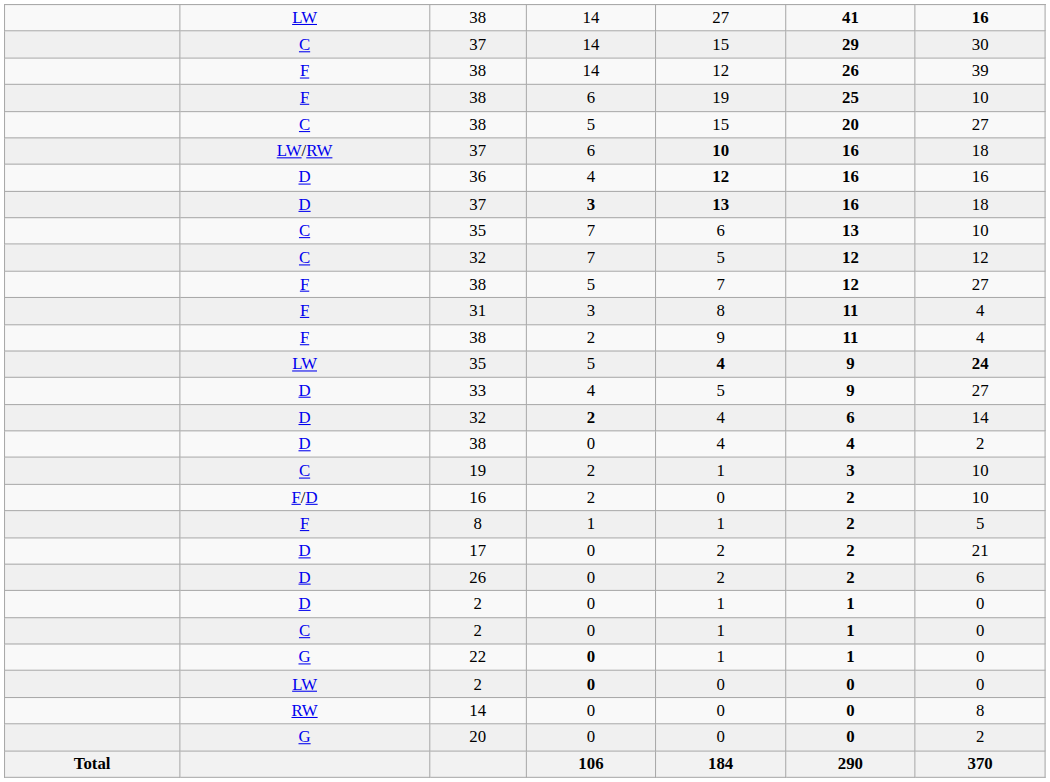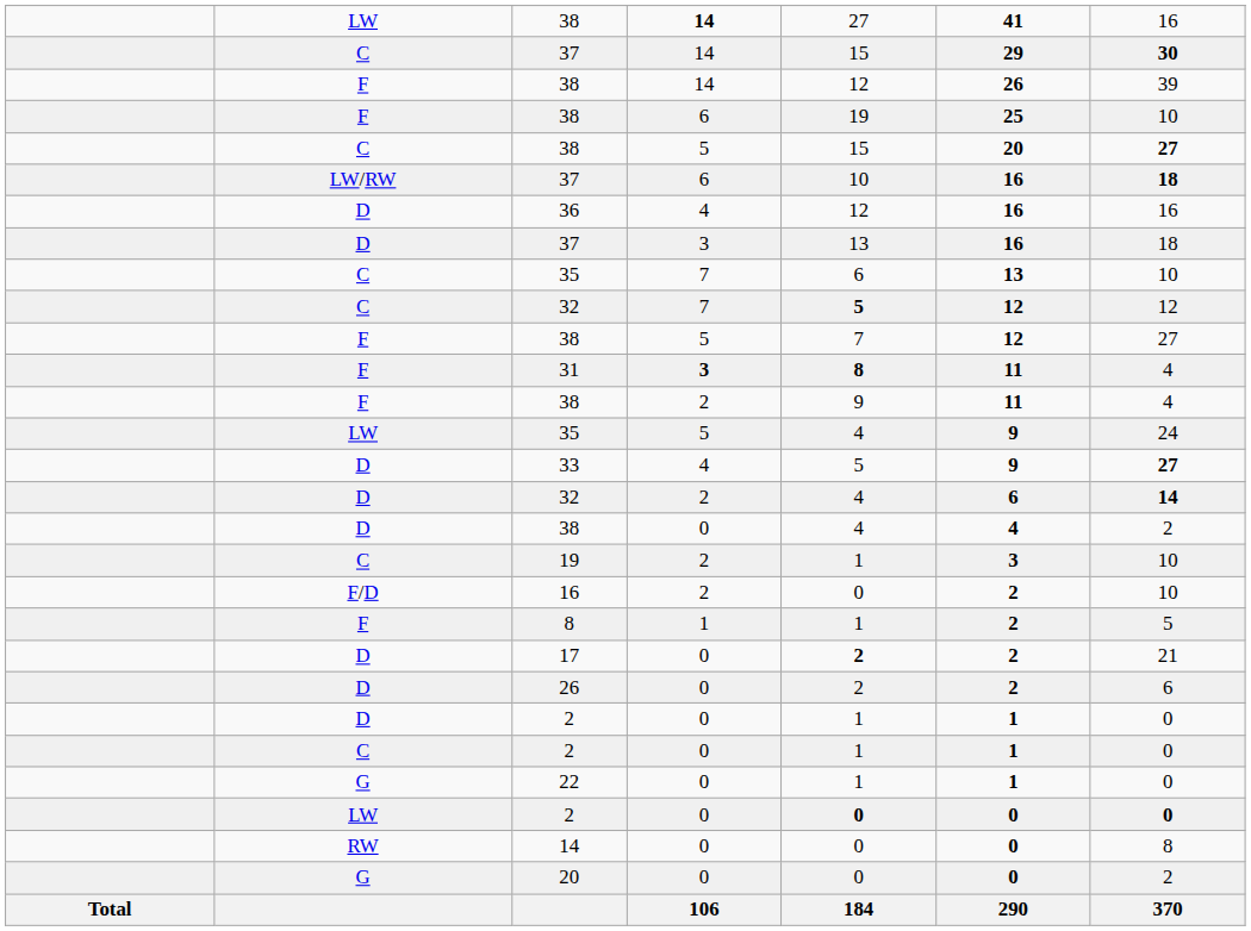 <table class="wikitable sortable" width ="50%">
 <tr align="center">
 </tr>
 <tr align="center" bgcolor="">
 <td></td>
 <td><a href='#'>LW</a></td>
 <td>38</td>
-<td>14</td>
+<td><strong>14</strong></td>
 <td>27</td>
 <td><strong>41</strong></td>
-<td><strong>16</strong></td>
+<td>16</td>
 </tr>
 <tr align="center" bgcolor="f0f0f0">
 <td></td>
 <td><a href='#'>C</a></td>
 <td>37</td>
 <td>14</td>
 <td>15</td>
 <td><strong>29</strong></td>
-<td>30</td>
+<td><strong>30</strong></td>
 </tr>
 <tr align="center" bgcolor="">
 <td></td>
 <td><a href='#'>F</a></td>
 <td>38</td>
 <td>14</td>
 <td>12</td>
 <td><strong>26</strong></td>
 <td>39</td>
 </tr>
 <tr align="center" bgcolor="f0f0f0">
 <td></td>
 <td><a href='#'>F</a></td>
 <td>38</td>
 <td>6</td>
 <td>19</td>
 <td><strong>25</strong></td>
 <td>10</td>
 </tr>
 <tr align="center" bgcolor="">
 <td></td>
 <td><a href='#'>C</a></td>
 <td>38</td>
 <td>5</td>
 <td>15</td>
 <td><strong>20</strong></td>
-<td>27</td>
+<td><strong>27</strong></td>
 </tr>
 <tr align="center" bgcolor="f0f0f0">
 <td></td>
 <td><a href='#'>LW</a>/<a href='#'>RW</a></td>
 <td>37</td>
 <td>6</td>
-<td><strong>10</strong></td>
+<td>10</td>
 <td><strong>16</strong></td>
-<td>18</td>
+<td><strong>18</strong></td>
 </tr>
 <tr align="center" bgcolor="">
 <td></td>
 <td><a href='#'>D</a></td>
 <td>36</td>
 <td>4</td>
-<td><strong>12</strong></td>
+<td>12</td>
 <td><strong>16</strong></td>
 <td>16</td>
 </tr>
 <tr align="center" bgcolor="f0f0f0">
 <td></td>
 <td><a href='#'>D</a></td>
 <td>37</td>
-<td><strong>3</strong></td>
-<td><strong>13</strong></td>
+<td>3</td>
+<td>13</td>
 <td><strong>16</strong></td>
 <td>18</td>
 </tr>
 <tr align="center" bgcolor="">
 <td></td>
 <td><a href='#'>C</a></td>
 <td>35</td>
 <td>7</td>
 <td>6</td>
 <td><strong>13</strong></td>
 <td>10</td>
 </tr>
 <tr align="center" bgcolor="f0f0f0">
 <td></td>
 <td><a href='#'>C</a></td>
 <td>32</td>
 <td>7</td>
-<td>5</td>
+<td><strong>5</strong></td>
 <td><strong>12</strong></td>
 <td>12</td>
 </tr>
 <tr align="center" bgcolor="">
 <td></td>
 <td><a href='#'>F</a></td>
 <td>38</td>
 <td>5</td>
 <td>7</td>
 <td><strong>12</strong></td>
 <td>27</td>
 </tr>
 <tr align="center" bgcolor="f0f0f0">
 <td></td>
 <td><a href='#'>F</a></td>
 <td>31</td>
-<td>3</td>
-<td>8</td>
+<td><strong>3</strong></td>
+<td><strong>8</strong></td>
 <td><strong>11</strong></td>
 <td>4</td>
 </tr>
 <tr align="center" bgcolor="">
 <td></td>
 <td><a href='#'>F</a></td>
 <td>38</td>
 <td>2</td>
 <td>9</td>
 <td><strong>11</strong></td>
 <td>4</td>
 </tr>
 <tr align="center" bgcolor="f0f0f0">
 <td></td>
 <td><a href='#'>LW</a></td>
 <td>35</td>
 <td>5</td>
-<td><strong>4</strong></td>
+<td>4</td>
 <td><strong>9</strong></td>
-<td><strong>24</strong></td>
+<td>24</td>
 </tr>
 <tr align="center" bgcolor="">
 <td></td>
 <td><a href='#'>D</a></td>
 <td>33</td>
 <td>4</td>
 <td>5</td>
 <td><strong>9</strong></td>
-<td>27</td>
+<td><strong>27</strong></td>
 </tr>
 <tr align="center" bgcolor="f0f0f0">
 <td></td>
 <td><a href='#'>D</a></td>
 <td>32</td>
-<td><strong>2</strong></td>
+<td>2</td>
 <td>4</td>
 <td><strong>6</strong></td>
-<td>14</td>
+<td><strong>14</strong></td>
 </tr>
 <tr align="center" bgcolor="">
 <td></td>
 <td><a href='#'>D</a></td>
 <td>38</td>
 <td>0</td>
 <td>4</td>
 <td><strong>4</strong></td>
 <td>2</td>
 </tr>
 <tr align="center" bgcolor="f0f0f0">
 <td></td>
 <td><a href='#'>C</a></td>
 <td>19</td>
 <td>2</td>
 <td>1</td>
 <td><strong>3</strong></td>
 <td>10</td>
 </tr>
 <tr align="center" bgcolor="">
 <td></td>
 <td><a href='#'>F</a>/<a href='#'>D</a></td>
 <td>16</td>
 <td>2</td>
 <td>0</td>
 <td><strong>2</strong></td>
 <td>10</td>
 </tr>
 <tr align="center" bgcolor="f0f0f0">
 <td></td>
 <td><a href='#'>F</a></td>
 <td>8</td>
 <td>1</td>
 <td>1</td>
 <td><strong>2</strong></td>
 <td>5</td>
 </tr>
 <tr align="center" bgcolor="">
 <td></td>
 <td><a href='#'>D</a></td>
 <td>17</td>
 <td>0</td>
-<td>2</td>
+<td><strong>2</strong></td>
 <td><strong>2</strong></td>
 <td>21</td>
 </tr>
 <tr align="center" bgcolor="f0f0f0">
 <td></td>
 <td><a href='#'>D</a></td>
 <td>26</td>
 <td>0</td>
 <td>2</td>
 <td><strong>2</strong></td>
 <td>6</td>
 </tr>
 <tr align="center" bgcolor="">
 <td></td>
 <td><a href='#'>D</a></td>
 <td>2</td>
 <td>0</td>
 <td>1</td>
 <td><strong>1</strong></td>
 <td>0</td>
 </tr>
 <tr align="center" bgcolor="f0f0f0">
 <td></td>
 <td><a href='#'>C</a></td>
 <td>2</td>
 <td>0</td>
 <td>1</td>
 <td><strong>1</strong></td>
 <td>0</td>
 </tr>
 <tr align="center" bgcolor="">
 <td></td>
 <td><a href='#'>G</a></td>
 <td>22</td>
-<td><strong>0</strong></td>
+<td>0</td>
 <td>1</td>
 <td><strong>1</strong></td>
 <td>0</td>
 </tr>
 <tr align="center" bgcolor="f0f0f0">
 <td></td>
 <td><a href='#'>LW</a></td>
 <td>2</td>
-<td><strong>0</strong></td>
 <td>0</td>
 <td><strong>0</strong></td>
-<td>0</td>
+<td><strong>0</strong></td>
+<td><strong>0</strong></td>
 </tr>
 <tr align="center" bgcolor="">
 <td></td>
 <td><a href='#'>RW</a></td>
 <td>14</td>
 <td>0</td>
 <td>0</td>
 <td><strong>0</strong></td>
 <td>8</td>
 </tr>
 <tr align="center" bgcolor="f0f0f0">
 <td></td>
 <td><a href='#'>G</a></td>
 <td>20</td>
 <td>0</td>
 <td>0</td>
 <td><strong>0</strong></td>
 <td>2</td>
 </tr>
 <tr>
 <th>Total</th>
 <th></th>
 <th></th>
 <th>106</th>
 <th>184</th>
 <th>290</th>
 <th>370</th>
 </tr>
 </table>
